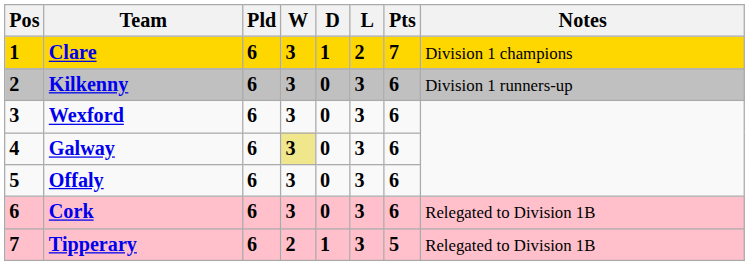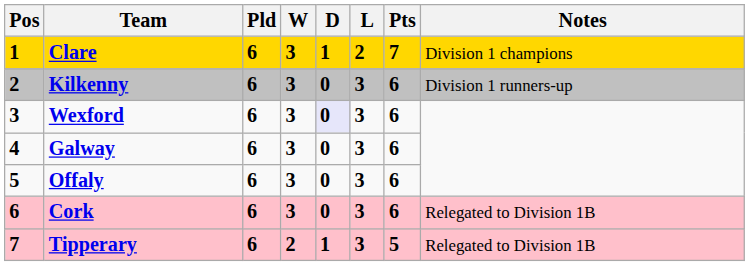 <table class="wikitable" style="text-align: centre;">
 <tr>
 <th width=20>Pos</th>
 <th width=150>Team</th>
 <th width=20>Pld</th>
 <th width=20>W</th>
 <th width=20>D</th>
 <th width=20>L</th>
 <th width=20>Pts</th>
 <th width=250>Notes</th>
 </tr>
 <tr style="background:gold;">
 <td><strong>1</strong></td>
 <td align=left><strong> <a href='#'>Clare</a> </strong></td>
 <td><strong>6</strong></td>
 <td><strong>3</strong></td>
 <td><strong>1</strong></td>
 <td><strong>2</strong></td>
 <td><strong>7</strong></td>
 <td><small> Division 1 champions</small></td>
 </tr>
 <tr style="background:silver;">
 <td><strong>2</strong></td>
 <td align=left><strong> <a href='#'>Kilkenny</a> </strong></td>
 <td><strong>6</strong></td>
 <td><strong>3</strong></td>
 <td><strong>0</strong></td>
 <td><strong>3</strong></td>
 <td><strong>6</strong></td>
 <td><small> Division 1 runners-up</small></td>
 </tr>
 <tr style>
 <td><strong>3</strong></td>
 <td align=left><strong> <a href='#'>Wexford</a> </strong></td>
 <td><strong>6</strong></td>
 <td><strong>3</strong></td>
-<td><strong>0</strong></td>
+<td style="background: lavender;"><strong>0</strong></td>
 <td><strong>3</strong></td>
 <td><strong>6</strong></td>
 </tr>
 <tr>
 <td><strong>4</strong></td>
 <td align=left><strong> <a href='#'>Galway</a> </strong></td>
 <td><strong>6</strong></td>
-<td style="background: khaki;"><strong>3</strong></td>
+<td><strong>3</strong></td>
 <td><strong>0</strong></td>
 <td><strong>3</strong></td>
 <td><strong>6</strong></td>
 </tr>
 <tr>
 <td><strong>5</strong></td>
 <td align=left><strong> <a href='#'>Offaly</a> </strong></td>
 <td><strong>6</strong></td>
 <td><strong>3</strong></td>
 <td><strong>0</strong></td>
 <td><strong>3</strong></td>
 <td><strong>6</strong></td>
 </tr>
 <tr style="background:pink;">
 <td><strong>6</strong></td>
 <td align=left><strong> <a href='#'>Cork</a> </strong></td>
 <td><strong>6</strong></td>
 <td><strong>3</strong></td>
 <td><strong>0</strong></td>
 <td><strong>3</strong></td>
 <td><strong>6</strong></td>
 <td><small> Relegated to Division 1B</small></td>
 </tr>
 <tr style="background:pink;">
 <td><strong>7</strong></td>
 <td align=left><strong> <a href='#'>Tipperary</a> </strong></td>
 <td><strong>6</strong></td>
 <td><strong>2</strong></td>
 <td><strong>1</strong></td>
 <td><strong>3</strong></td>
 <td><strong>5</strong></td>
 <td><small> Relegated to Division 1B</small></td>
 </tr>
 </table>
